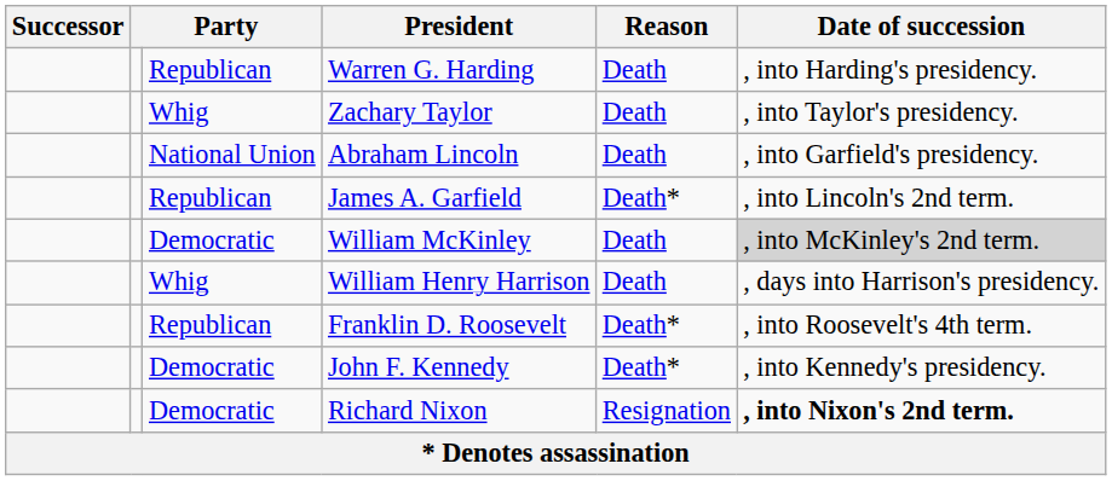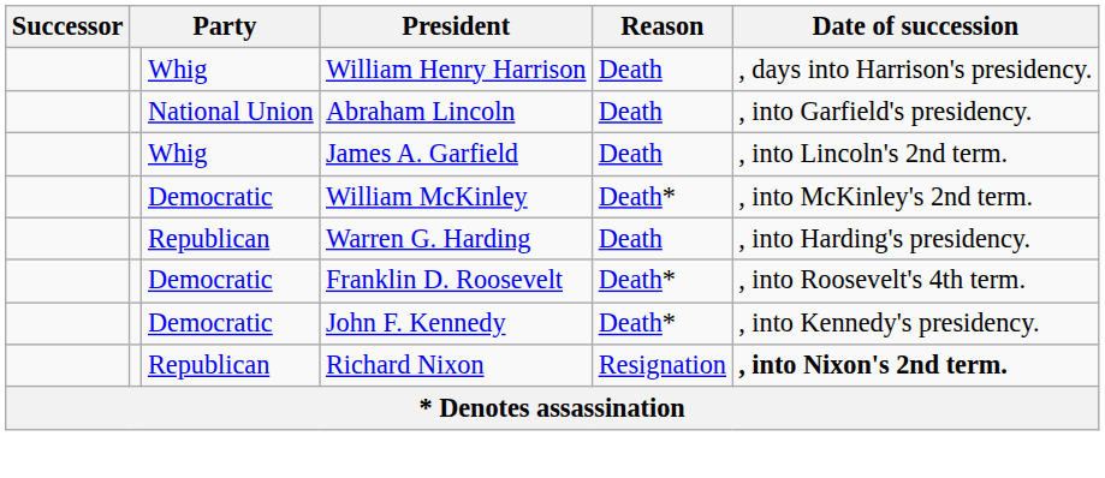 <table class="wikitable sortable">
 <tr>
 <th scope="col">Successor</th>
 <th scope="col" colspan="2">Party</th>
 <th scope="col">President</th>
 <th scope="col">Reason</th>
 <th scope="col">Date of succession</th>
 </tr>
 <tr>
 <td scope="row"></td>
-<td style="background: "></td>
-<td><a href='#'>Republican</a></td>
-<td><a href='#'>Warren G. Harding</a></td>
-<td><a href='#'>Death</a></td>
-<td>,  into Harding's presidency.</td>
-</tr>
-<tr>
-<td scope="row"></td>
 <td style="background-color:"></td>
 <td><a href='#'>Whig</a></td>
-<td><a href='#'>Zachary Taylor</a></td>
+<td><a href='#'>William Henry Harrison</a></td>
 <td><a href='#'>Death</a></td>
-<td>,  into Taylor's presidency.</td>
+<td>,  days into Harrison's presidency.</td>
 </tr>
 <tr>
 <td scope="row"></td>
 <td style="background: "></td>
 <td><a href='#'>National Union</a></td>
 <td><a href='#'>Abraham Lincoln</a></td>
 <td><a href='#'>Death</a></td>
 <td>,  into Garfield's presidency.</td>
 </tr>
 <tr>
 <td scope="row"></td>
 <td style="background: "></td>
-<td><a href='#'>Republican</a></td>
+<td><a href='#'>Whig</a></td>
 <td><a href='#'>James A. Garfield</a></td>
-<td><a href='#'>Death</a>*</td>
+<td><a href='#'>Death</a></td>
 <td>,  into Lincoln's 2nd term.</td>
 </tr>
 <tr>
 <td scope="row"></td>
 <td style="background: "></td>
 <td><a href='#'>Democratic</a></td>
 <td><a href='#'>William McKinley</a></td>
-<td><a href='#'>Death</a></td>
-<td style="background: lightgrey;">,  into McKinley's 2nd term.</td>
-</tr>
-<tr>
-<td scope="row"></td>
-<td style="background-color:"></td>
-<td><a href='#'>Whig</a></td>
-<td><a href='#'>William Henry Harrison</a></td>
-<td><a href='#'>Death</a></td>
-<td>,  days into Harrison's presidency.</td>
+<td><a href='#'>Death</a>*</td>
+<td>,  into McKinley's 2nd term.</td>
 </tr>
 <tr>
 <td scope="row"></td>
 <td style="background: "></td>
 <td><a href='#'>Republican</a></td>
+<td><a href='#'>Warren G. Harding</a></td>
+<td><a href='#'>Death</a></td>
+<td>,  into Harding's presidency.</td>
+</tr>
+<tr>
+<td scope="row"></td>
+<td style="background: "></td>
+<td><a href='#'>Democratic</a></td>
 <td><a href='#'>Franklin D. Roosevelt</a></td>
 <td><a href='#'>Death</a>*</td>
 <td>,  into Roosevelt's 4th term.</td>
 </tr>
 <tr>
 <td scope="row"></td>
 <td style="background: "></td>
 <td><a href='#'>Democratic</a></td>
 <td><a href='#'>John F. Kennedy</a></td>
 <td><a href='#'>Death</a>*</td>
 <td>,  into Kennedy's presidency.</td>
 </tr>
 <tr>
 <td scope="row"></td>
 <td style="background: "></td>
-<td><a href='#'>Democratic</a></td>
+<td><a href='#'>Republican</a></td>
 <td><a href='#'>Richard Nixon</a></td>
 <td><a href='#'>Resignation</a></td>
 <td><strong>,  into Nixon's 2nd term.</strong></td>
 </tr>
 <tr>
 <th colspan="6">* Denotes assassination</th>
 </tr>
 </table>
